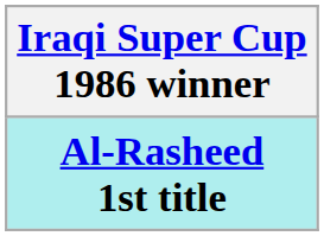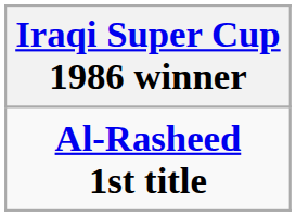 <table class="wikitable" style="text-align: center; margin: 0 auto;">
 <tr>
 <th><a href='#'>Iraqi Super Cup</a><br>1986 winner</th>
 </tr>
 <tr>
-<td style="background: paleturquoise;"><strong><a href='#'>Al-Rasheed</a></strong><br><strong>1st title</strong></td>
+<td><strong><a href='#'>Al-Rasheed</a></strong><br><strong>1st title</strong></td>
 </tr>
 </table>
